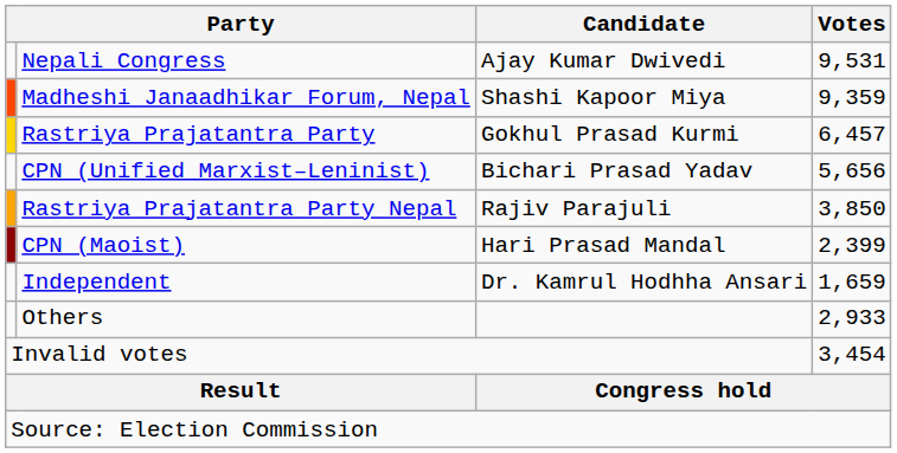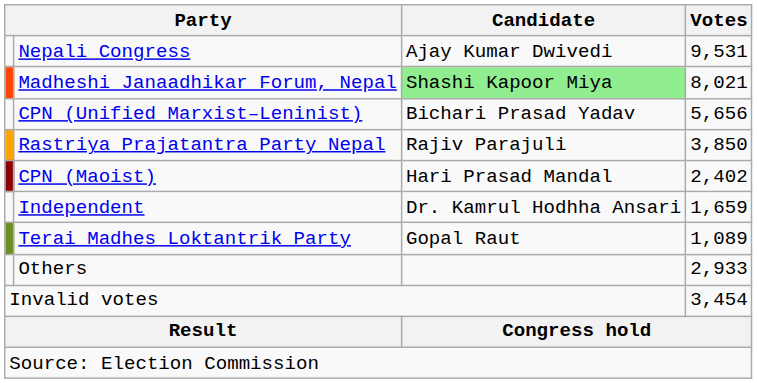 <table class="wikitable">
 <tr>
 <th colspan="2">Party</th>
 <th>Candidate</th>
 <th>Votes</th>
 </tr>
 <tr>
 <td style="background-color:"></td>
 <td><a href='#'>Nepali Congress</a></td>
 <td>Ajay Kumar Dwivedi</td>
 <td>9,531</td>
 </tr>
 <tr>
 <td style="background-color:orangered"></td>
 <td><a href='#'>Madheshi Janaadhikar Forum, Nepal</a></td>
-<td>Shashi Kapoor Miya</td>
-<td>9,359</td>
-</tr>
-<tr>
-<td style="background-color:gold"></td>
-<td><a href='#'>Rastriya Prajatantra Party</a></td>
-<td>Gokhul Prasad Kurmi</td>
-<td>6,457</td>
+<td style="background: lightgreen;">Shashi Kapoor Miya</td>
+<td>8,021</td>
 </tr>
 <tr>
 <td style="background-color:"></td>
 <td><a href='#'>CPN (Unified Marxist–Leninist)</a></td>
 <td>Bichari Prasad Yadav</td>
 <td>5,656</td>
 </tr>
 <tr>
 <td style="background-color:orange"></td>
 <td><a href='#'>Rastriya Prajatantra Party Nepal</a></td>
 <td>Rajiv Parajuli</td>
 <td>3,850</td>
 </tr>
 <tr>
 <td style="background-color:darkred"></td>
 <td><a href='#'>CPN (Maoist)</a></td>
 <td>Hari Prasad Mandal</td>
-<td>2,399</td>
+<td>2,402</td>
 </tr>
 <tr>
 <td style="background-color:"></td>
 <td><a href='#'>Independent</a></td>
 <td>Dr. Kamrul Hodhha Ansari</td>
 <td>1,659</td>
+</tr>
+<tr>
+<td style="background-color:olivedrab"></td>
+<td><a href='#'>Terai Madhes Loktantrik Party</a></td>
+<td>Gopal Raut</td>
+<td>1,089</td>
 </tr>
 <tr>
 <td></td>
 <td>Others</td>
 <td></td>
 <td>2,933</td>
 </tr>
 <tr>
 <td colspan="3">Invalid votes</td>
 <td>3,454</td>
 </tr>
 <tr>
 <th colspan="2">Result</th>
 <th colspan="2">Congress hold</th>
 </tr>
 <tr>
 <td colspan="4">Source: Election Commission</td>
 </tr>
 </table>
